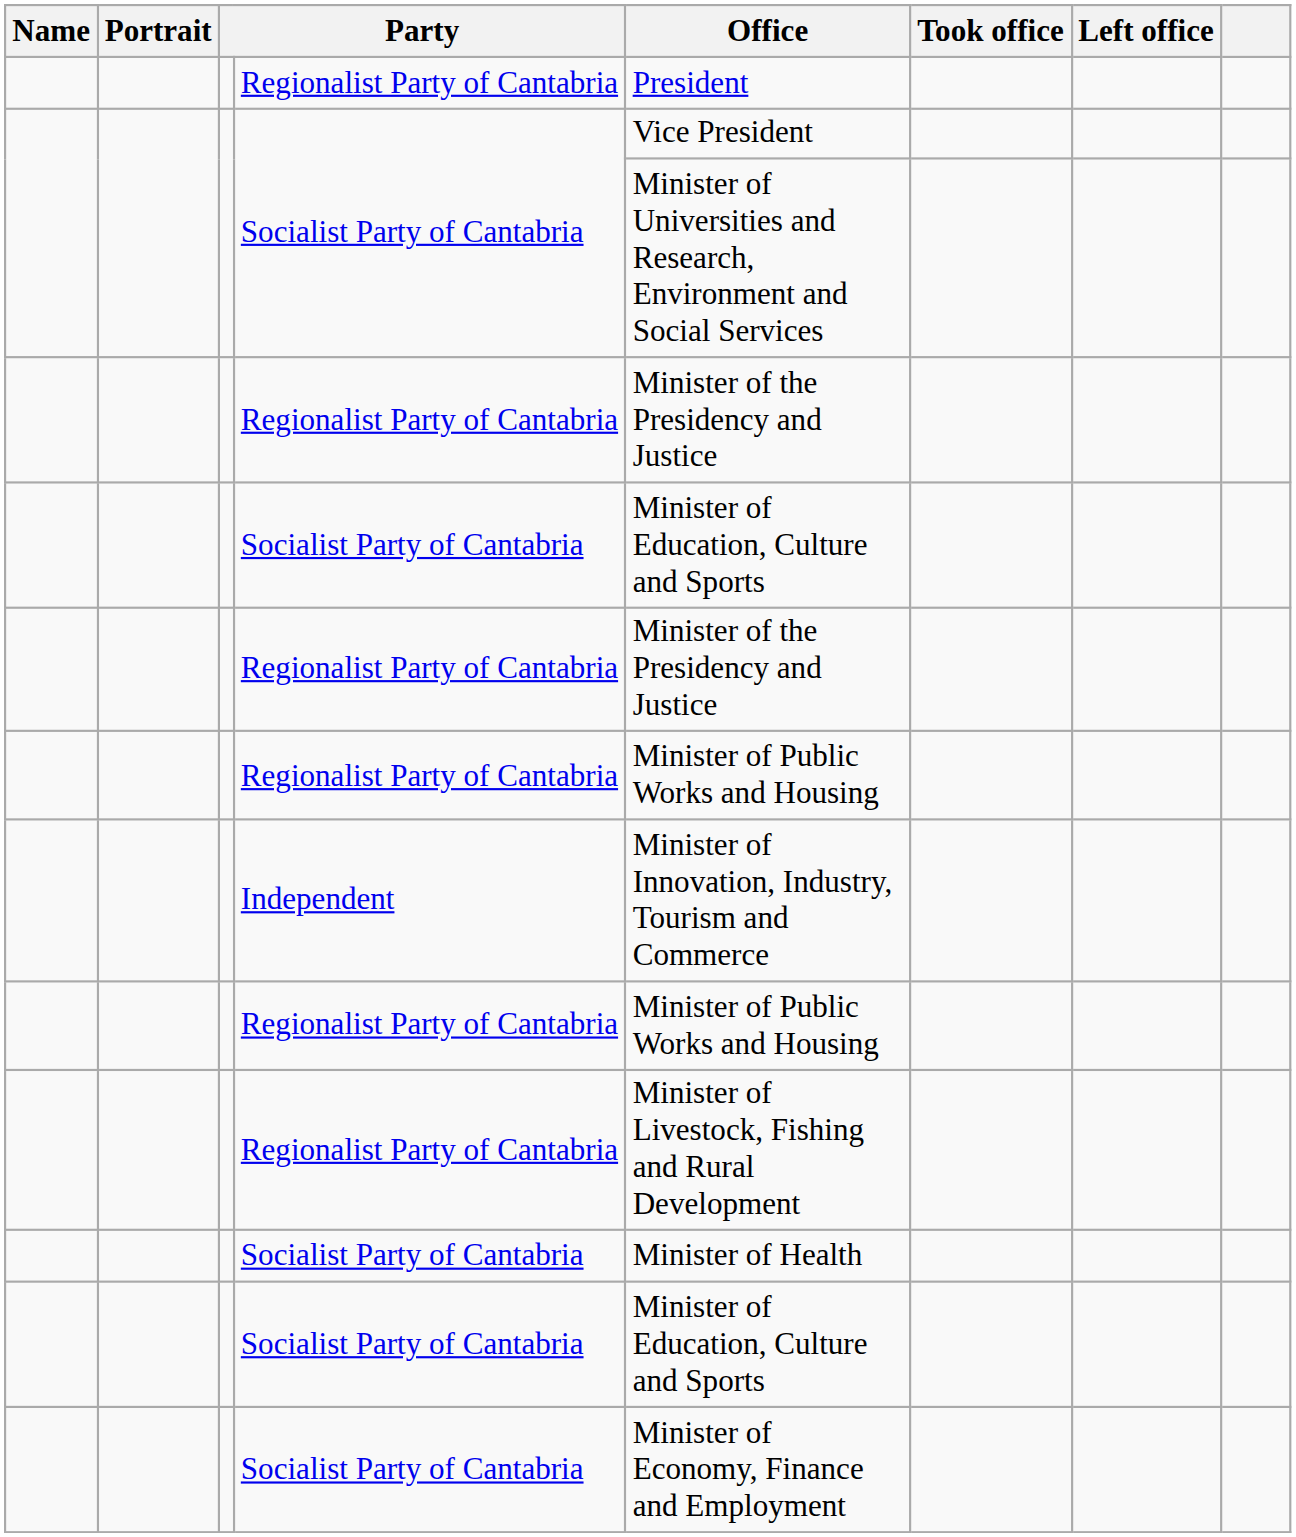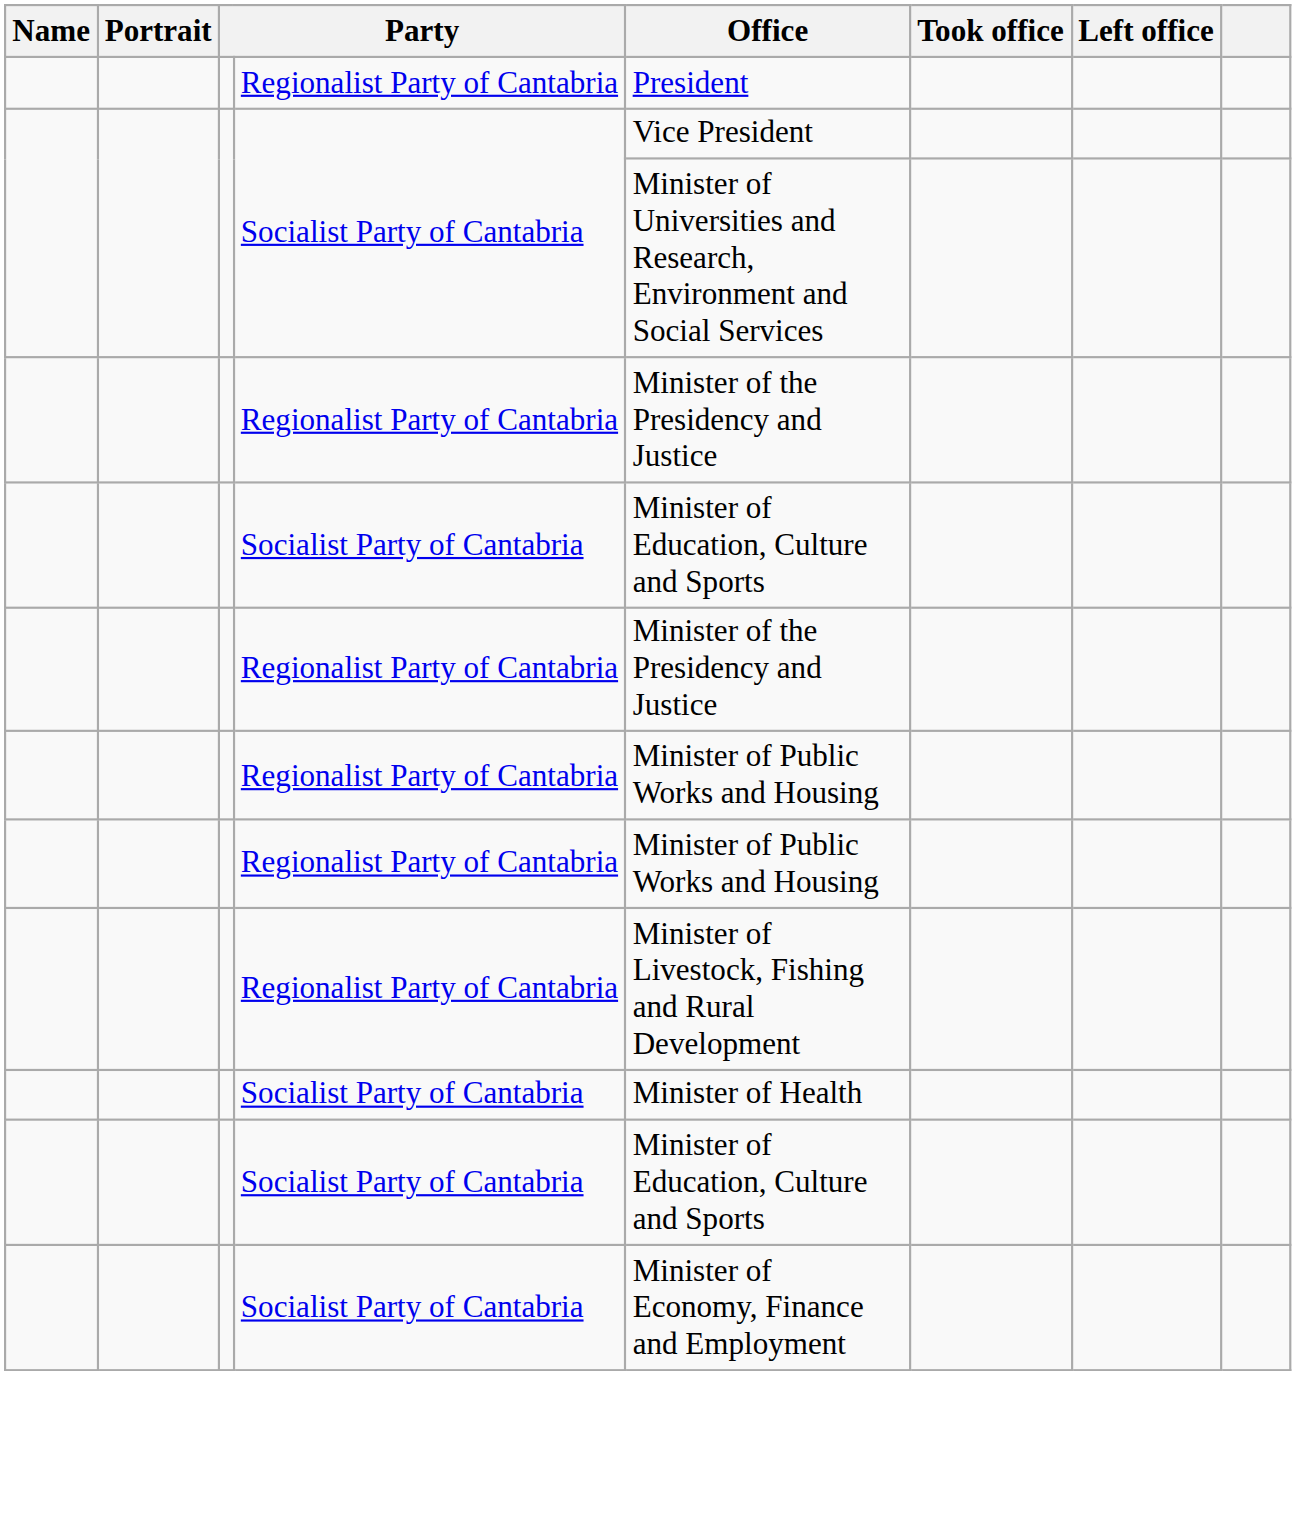 <table class="wikitable plainrowheaders sortable" style="font-size:90%; text-align:left;">
 <tr>
 <th scope=col>Name</th>
 <th scope=col class=unsortable>Portrait</th>
 <th scope=col colspan="2">Party</th>
 <th scope=col width=125px>Office</th>
 <th scope=col>Took office</th>
 <th scope=col>Left office</th>
 <th scope=col width=25px class=unsortable></th>
 </tr>
 <tr>
 <td style="white-space: nowrap;"></td>
 <td align=center></td>
 <td style="background:"></td>
 <td><a href='#'>Regionalist Party of Cantabria</a></td>
 <td><a href='#'>President</a></td>
 <td align=center></td>
 <td align=center></td>
 <td align=center></td>
 </tr>
 <tr>
 <td style="white-space: nowrap;" rowspan=2></td>
 <td align=center rowspan=2></td>
 <td rowspan="2" style="background:"></td>
 <td rowspan=2><a href='#'>Socialist Party of Cantabria</a></td>
 <td>Vice President</td>
 <td align=center></td>
 <td align=center></td>
 <td align=center></td>
 </tr>
 <tr>
 <td>Minister of Universities and Research, Environment and Social Services</td>
 <td align=center></td>
 <td align=center></td>
 <td align=center></td>
 </tr>
 <tr>
 <td style="white-space: nowrap;"></td>
 <td align=center></td>
 <td !align="center" style="background:"></td>
 <td><a href='#'>Regionalist Party of Cantabria</a></td>
 <td>Minister of the Presidency and Justice</td>
 <td align=center></td>
 <td align=center></td>
 <td align=center></td>
 </tr>
 <tr>
 <td style="white-space: nowrap;"></td>
 <td align=center></td>
 <td !align="center" style="background:"></td>
 <td><a href='#'>Socialist Party of Cantabria</a></td>
 <td>Minister of Education, Culture and Sports</td>
 <td align=center></td>
 <td align=center></td>
 <td align=center></td>
 </tr>
 <tr>
 <td style="white-space: nowrap;"></td>
 <td align=center></td>
 <td !align="center" style="background:"></td>
 <td><a href='#'>Regionalist Party of Cantabria</a></td>
 <td>Minister of the Presidency and Justice</td>
 <td align=center></td>
 <td align=center></td>
 <td align=center></td>
 </tr>
 <tr>
 <td style="white-space: nowrap;"></td>
 <td align=center></td>
 <td !align="center" style="background:"></td>
 <td><a href='#'>Regionalist Party of Cantabria</a></td>
 <td>Minister of Public Works and Housing</td>
 <td align=center></td>
 <td align=center></td>
 <td align=center></td>
 </tr>
 <tr>
 <td style="white-space: nowrap;"></td>
 <td align=center></td>
 <td !align="center" style="background:"></td>
-<td><a href='#'>Independent</a></td>
-<td>Minister of Innovation, Industry, Tourism and Commerce</td>
-<td align=center></td>
-<td align=center></td>
-<td align=center></td>
-</tr>
-<tr>
-<td style="white-space: nowrap;"></td>
-<td align=center></td>
-<td !align="center" style="background:"></td>
 <td><a href='#'>Regionalist Party of Cantabria</a></td>
 <td>Minister of Public Works and Housing</td>
 <td align=center></td>
 <td align=center></td>
 <td align=center></td>
 </tr>
 <tr>
 <td style="white-space: nowrap;"></td>
 <td align=center></td>
 <td !align="center" style="background:"></td>
 <td><a href='#'>Regionalist Party of Cantabria</a></td>
 <td>Minister of Livestock, Fishing and Rural Development</td>
 <td align=center></td>
 <td align=center></td>
 <td align=center></td>
 </tr>
 <tr>
 <td style="white-space: nowrap;"></td>
 <td align=center></td>
 <td !align="center" style="background:"></td>
 <td><a href='#'>Socialist Party of Cantabria</a></td>
 <td>Minister of Health</td>
 <td align=center></td>
 <td align=center></td>
 <td align=center></td>
 </tr>
 <tr>
 <td style="white-space: nowrap;"></td>
 <td align=center></td>
 <td !align="center" style="background:"></td>
 <td><a href='#'>Socialist Party of Cantabria</a></td>
 <td>Minister of Education, Culture and Sports</td>
 <td align=center></td>
 <td align=center></td>
 <td align=center></td>
 </tr>
 <tr>
 <td style="white-space: nowrap;"></td>
 <td align=center></td>
 <td !align="center" style="background:"></td>
 <td><a href='#'>Socialist Party of Cantabria</a></td>
 <td>Minister of Economy, Finance and Employment</td>
 <td align=center></td>
 <td align=center></td>
 <td align=center></td>
 </tr>
 </table>
